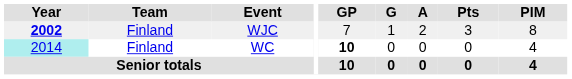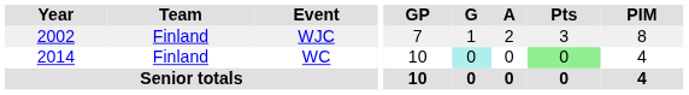 <table border="0" cellpadding="1" cellspacing="0" ID="Table3" style="text-align:center; width:40em">
 <tr ALIGN="center" bgcolor="#e0e0e0">
 <th>Year</th>
 <th>Team</th>
 <th>Event</th>
 <th rowspan="99" bgcolor="#ffffff"></th>
 <th>GP</th>
 <th>G</th>
 <th>A</th>
 <th>Pts</th>
 <th>PIM</th>
 </tr>
 <tr bgcolor="#f0f0f0">
-<td><strong><a href='#'>2002</a></strong></td>
+<td><a href='#'>2002</a></td>
 <td><a href='#'>Finland</a></td>
 <td><a href='#'>WJC</a></td>
 <td>7</td>
 <td>1</td>
 <td>2</td>
 <td>3</td>
 <td>8</td>
 </tr>
 <tr>
-<td style="background: paleturquoise;"><a href='#'>2014</a></td>
+<td><a href='#'>2014</a></td>
 <td><a href='#'>Finland</a></td>
 <td><a href='#'>WC</a></td>
-<td><strong>10</strong></td>
+<td>10</td>
+<td style="background: paleturquoise;">0</td>
 <td>0</td>
-<td>0</td>
-<td>0</td>
+<td style="background: lightgreen;">0</td>
 <td>4</td>
 </tr>
 <tr bgcolor="#e0e0e0">
 <th colspan="3">Senior totals</th>
 <th>10</th>
 <th>0</th>
 <th>0</th>
 <th>0</th>
 <th>4</th>
 </tr>
 </table>
